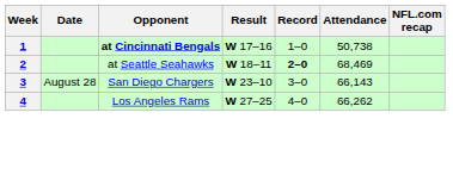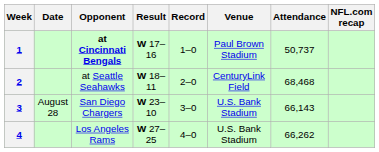 <table class="wikitable" style="text-align:center">
 <tr>
 <th>Week</th>
 <th>Date</th>
 <th>Opponent</th>
 <th>Result</th>
 <th>Record</th>
+<th>Venue</th>
 <th>Attendance</th>
 <th>NFL.com<br>recap</th>
 </tr>
 <tr style="background:#cfc">
 <th><a href='#'>1</a></th>
 <td></td>
 <td><strong>at <a href='#'>Cincinnati Bengals</a></strong></td>
 <td><strong>W</strong> 17–16</td>
 <td>1–0</td>
-<td>50,738</td>
+<td><a href='#'>Paul Brown Stadium</a></td>
+<td>50,737</td>
 <td></td>
 </tr>
 <tr style="background:#cfc">
 <th><a href='#'>2</a></th>
 <td></td>
 <td>at <a href='#'>Seattle Seahawks</a></td>
 <td><strong>W</strong> 18–11</td>
-<td><strong>2–0</strong></td>
-<td>68,469</td>
+<td>2–0</td>
+<td><a href='#'>CenturyLink Field</a></td>
+<td>68,468</td>
 <td></td>
 </tr>
 <tr style="background:#cfc">
 <th><a href='#'>3</a></th>
 <td>August 28</td>
 <td><a href='#'>San Diego Chargers</a></td>
 <td><strong>W</strong> 23–10</td>
 <td>3–0</td>
+<td><a href='#'>U.S. Bank Stadium</a></td>
 <td>66,143</td>
 <td></td>
 </tr>
 <tr style="background:#cfc">
 <th><a href='#'>4</a></th>
 <td></td>
 <td><a href='#'>Los Angeles Rams</a></td>
 <td><strong>W</strong> 27–25</td>
 <td>4–0</td>
+<td>U.S. Bank Stadium</td>
 <td>66,262</td>
 <td></td>
 </tr>
 </table>
